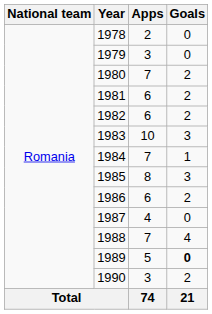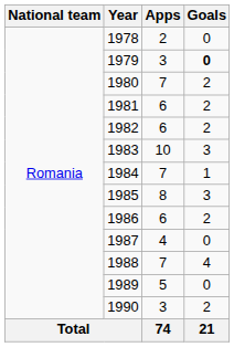 <table class="wikitable" style="text-align:center">
 <tr>
 <th>National team</th>
 <th>Year</th>
 <th>Apps</th>
 <th>Goals</th>
 </tr>
 <tr>
 <td rowspan="13"><a href='#'>Romania</a></td>
 <td>1978</td>
 <td>2</td>
 <td>0</td>
 </tr>
 <tr>
 <td>1979</td>
 <td>3</td>
-<td>0</td>
+<td><strong>0</strong></td>
 </tr>
 <tr>
 <td>1980</td>
 <td>7</td>
 <td>2</td>
 </tr>
 <tr>
 <td>1981</td>
 <td>6</td>
 <td>2</td>
 </tr>
 <tr>
 <td>1982</td>
 <td>6</td>
 <td>2</td>
 </tr>
 <tr>
 <td>1983</td>
 <td>10</td>
 <td>3</td>
 </tr>
 <tr>
 <td>1984</td>
 <td>7</td>
 <td>1</td>
 </tr>
 <tr>
 <td>1985</td>
 <td>8</td>
 <td>3</td>
 </tr>
 <tr>
 <td>1986</td>
 <td>6</td>
 <td>2</td>
 </tr>
 <tr>
 <td>1987</td>
 <td>4</td>
 <td>0</td>
 </tr>
 <tr>
 <td>1988</td>
 <td>7</td>
 <td>4</td>
 </tr>
 <tr>
 <td>1989</td>
 <td>5</td>
-<td><strong>0</strong></td>
+<td>0</td>
 </tr>
 <tr>
 <td>1990</td>
 <td>3</td>
 <td>2</td>
 </tr>
 <tr>
 <th colspan="2">Total</th>
 <th>74</th>
 <th>21</th>
 </tr>
 </table>
